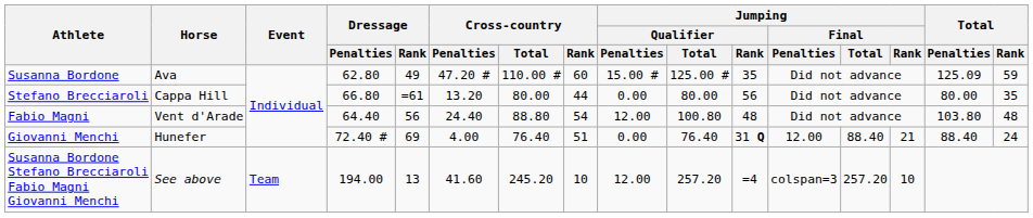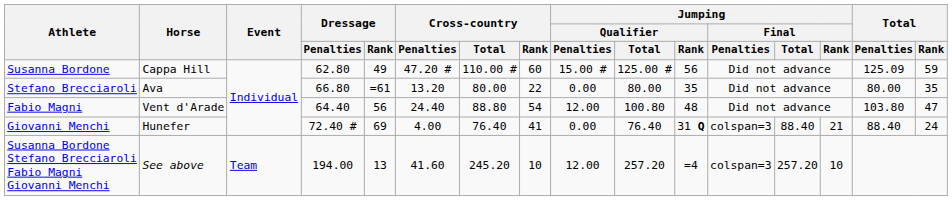 <table class=wikitable style="font-size:90%">
 <tr>
 <th rowspan="3">Athlete</th>
 <th rowspan="3">Horse</th>
 <th rowspan="3">Event</th>
 <th colspan="2" rowspan="2">Dressage</th>
 <th colspan="3" rowspan="2">Cross-country</th>
 <th colspan="6">Jumping</th>
 <th colspan="2" rowspan="2">Total</th>
 </tr>
 <tr style="font-size:95%">
 <th colspan="3">Qualifier</th>
 <th colspan="3">Final</th>
 </tr>
 <tr style="font-size:95%">
 <th>Penalties</th>
 <th>Rank</th>
 <th>Penalties</th>
 <th>Total</th>
 <th>Rank</th>
 <th>Penalties</th>
 <th>Total</th>
 <th>Rank</th>
 <th>Penalties</th>
 <th>Total</th>
 <th>Rank</th>
 <th>Penalties</th>
 <th>Rank</th>
 </tr>
 <tr align=center>
 <td align=left><a href='#'>Susanna Bordone</a></td>
-<td align=left>Ava</td>
+<td align=left>Cappa Hill</td>
 <td align=left rowspan=4><a href='#'>Individual</a></td>
 <td>62.80</td>
 <td>49</td>
 <td>47.20 #</td>
 <td>110.00 #</td>
 <td>60</td>
 <td>15.00 #</td>
 <td>125.00 #</td>
-<td>35</td>
+<td>56</td>
 <td colspan=3>Did not advance</td>
 <td>125.09</td>
 <td>59</td>
 </tr>
 <tr align=center>
 <td align=left><a href='#'>Stefano Brecciaroli</a></td>
-<td align=left>Cappa Hill</td>
+<td align=left>Ava</td>
 <td>66.80</td>
 <td>=61</td>
 <td>13.20</td>
 <td>80.00</td>
-<td>44</td>
+<td>22</td>
 <td>0.00</td>
 <td>80.00</td>
-<td>56</td>
+<td>35</td>
 <td colspan=3>Did not advance</td>
 <td>80.00</td>
 <td>35</td>
 </tr>
 <tr align=center>
 <td align=left><a href='#'>Fabio Magni</a></td>
 <td align=left>Vent d'Arade</td>
 <td>64.40</td>
 <td>56</td>
 <td>24.40</td>
 <td>88.80</td>
 <td>54</td>
 <td>12.00</td>
 <td>100.80</td>
 <td>48</td>
 <td colspan=3>Did not advance</td>
 <td>103.80</td>
-<td>48</td>
+<td>47</td>
 </tr>
 <tr align=center>
 <td align=left><a href='#'>Giovanni Menchi</a></td>
 <td align=left>Hunefer</td>
 <td>72.40 #</td>
 <td>69</td>
 <td>4.00</td>
 <td>76.40</td>
-<td>51</td>
+<td>41</td>
 <td>0.00</td>
 <td>76.40</td>
 <td>31 <strong>Q</strong></td>
-<td>12.00</td>
+<td>colspan=3 </td>
 <td>88.40</td>
 <td>21</td>
 <td>88.40</td>
 <td>24</td>
 </tr>
 <tr align=center>
 <td align=left><a href='#'>Susanna Bordone</a><br><a href='#'>Stefano Brecciaroli</a><br><a href='#'>Fabio Magni</a><br><a href='#'>Giovanni Menchi</a></td>
 <td align=left><em>See above</em></td>
 <td align=left><a href='#'>Team</a></td>
 <td>194.00</td>
 <td>13</td>
 <td>41.60</td>
 <td>245.20</td>
 <td>10</td>
 <td>12.00</td>
 <td>257.20</td>
 <td>=4</td>
 <td>colspan=3 </td>
 <td>257.20</td>
 <td>10</td>
 </tr>
 </table>
